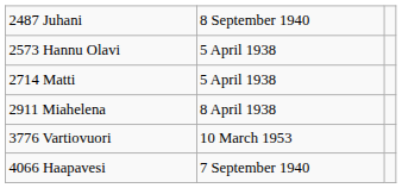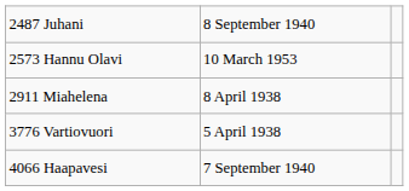 <table class="wikitable" style="font-size: 89%; float: left; width: 26em; margin-right: 1em; height: 168px;">
 <tr>
 <td>2487 Juhani</td>
 <td>8 September 1940</td>
 <td></td>
 </tr>
 <tr>
 <td>2573 Hannu Olavi</td>
-<td>5 April 1938</td>
-<td></td>
-</tr>
-<tr>
-<td>2714 Matti</td>
-<td>5 April 1938</td>
+<td>10 March 1953</td>
 <td></td>
 </tr>
 <tr>
 <td>2911 Miahelena</td>
 <td>8 April 1938</td>
 <td></td>
 </tr>
 <tr>
 <td>3776 Vartiovuori</td>
-<td>10 March 1953</td>
+<td>5 April 1938</td>
 <td></td>
 </tr>
 <tr>
 <td>4066 Haapavesi</td>
 <td>7 September 1940</td>
 <td></td>
 </tr>
 </table>
